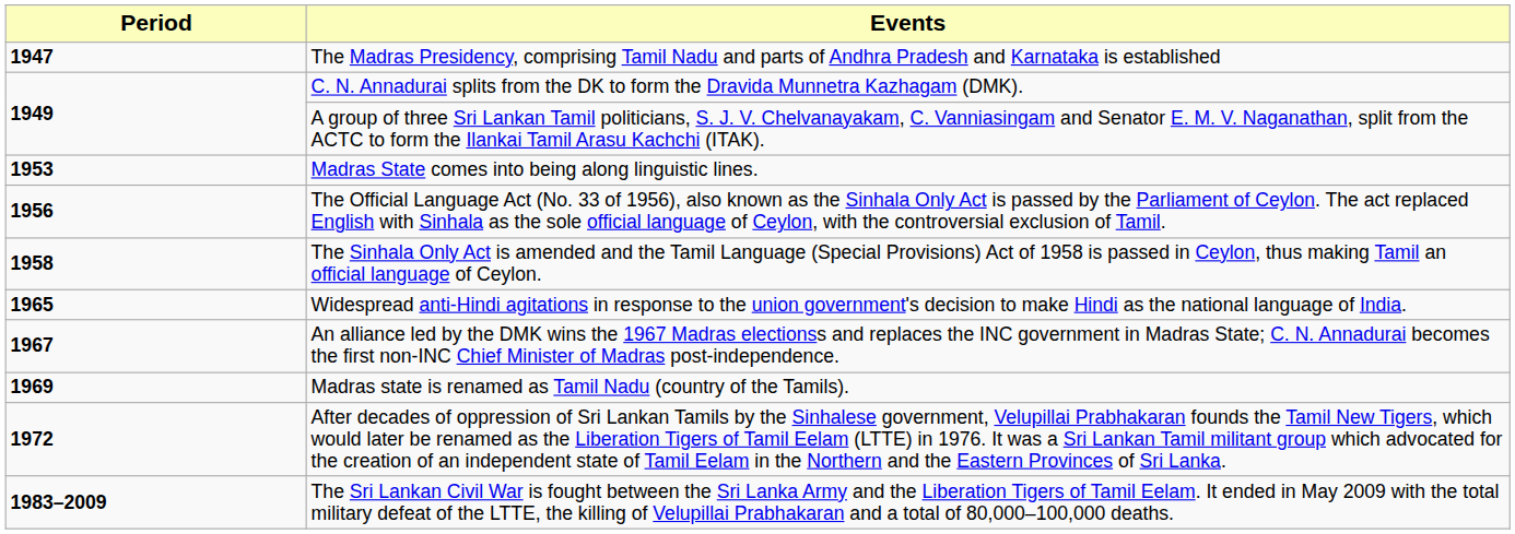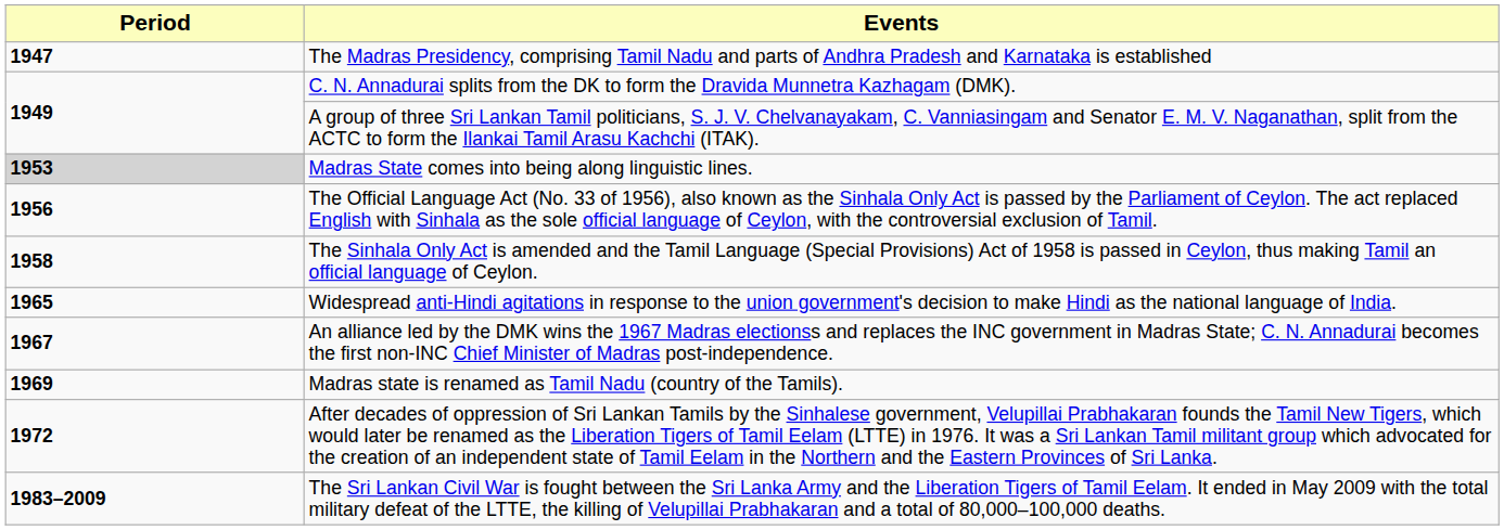 <table class="wikitable" style="text-align:left; margin: auto; width:99%">
 <tr>
 <th scope="row" style="width: 20%; text-align:center; font-size:120%; background:#fcfebe; color:#000000;">Period</th>
 <th scope="row" style="text-align:center; font-size:120%; background:#fcfebe; color:#000000;">Events</th>
 </tr>
 <tr>
 <td><strong>1947</strong></td>
 <td>The <a href='#'>Madras Presidency</a>, comprising <a href='#'>Tamil Nadu</a> and parts of <a href='#'>Andhra Pradesh</a> and <a href='#'>Karnataka</a> is established</td>
 </tr>
 <tr>
 <td rowspan="2"><strong>1949</strong></td>
 <td><a href='#'>C. N. Annadurai</a> splits from the DK to form the <a href='#'>Dravida Munnetra Kazhagam</a> (DMK).</td>
 </tr>
 <tr>
 <td>A group of three <a href='#'>Sri Lankan Tamil</a> politicians, <a href='#'>S. J. V. Chelvanayakam</a>, <a href='#'>C. Vanniasingam</a> and Senator <a href='#'>E. M. V. Naganathan</a>, split from the ACTC to form the <a href='#'>Ilankai Tamil Arasu Kachchi</a> (ITAK).</td>
 </tr>
 <tr>
-<td><strong>1953</strong></td>
+<td style="background: lightgrey;"><strong>1953</strong></td>
 <td><a href='#'>Madras State</a> comes into being along linguistic lines.</td>
 </tr>
 <tr>
 <td><strong>1956</strong></td>
 <td>The Official Language Act (No. 33 of 1956), also known as the <a href='#'>Sinhala Only Act</a> is passed by the <a href='#'>Parliament of Ceylon</a>. The act replaced <a href='#'>English</a> with <a href='#'>Sinhala</a> as the sole <a href='#'>official language</a> of <a href='#'>Ceylon</a>, with the controversial exclusion of <a href='#'>Tamil</a>.</td>
 </tr>
 <tr>
 <td><strong>1958</strong></td>
 <td>The <a href='#'>Sinhala Only Act</a> is amended and the Tamil Language (Special Provisions) Act of 1958 is passed in <a href='#'>Ceylon</a>, thus making <a href='#'>Tamil</a> an <a href='#'>official language</a> of Ceylon.</td>
 </tr>
 <tr>
 <td><strong>1965</strong></td>
 <td>Widespread <a href='#'>anti-Hindi agitations</a> in response to the <a href='#'>union government</a>'s decision to make <a href='#'>Hindi</a> as the national language of <a href='#'>India</a>.</td>
 </tr>
 <tr>
 <td><strong>1967</strong></td>
 <td>An alliance led by the DMK wins the <a href='#'>1967 Madras elections</a>s and replaces the INC government in Madras State; <a href='#'>C. N. Annadurai</a> becomes the first non-INC <a href='#'>Chief Minister of Madras</a> post-independence.</td>
 </tr>
 <tr>
 <td><strong>1969</strong></td>
 <td>Madras state is renamed as <a href='#'>Tamil Nadu</a> (country of the Tamils).</td>
 </tr>
 <tr>
 <td><strong>1972</strong></td>
 <td>After decades of oppression of Sri Lankan Tamils by the <a href='#'>Sinhalese</a> government, <a href='#'>Velupillai Prabhakaran</a> founds the <a href='#'>Tamil New Tigers</a>, which would later be renamed as the <a href='#'>Liberation Tigers of Tamil Eelam</a> (LTTE) in 1976. It was a <a href='#'>Sri Lankan Tamil militant group</a> which advocated for the creation of an independent state of <a href='#'>Tamil Eelam</a> in the <a href='#'>Northern</a> and the <a href='#'>Eastern Provinces</a> of <a href='#'>Sri Lanka</a>.</td>
 </tr>
 <tr>
 <td><strong>1983–2009</strong></td>
 <td>The <a href='#'>Sri Lankan Civil War</a> is fought between the <a href='#'>Sri Lanka Army</a> and the <a href='#'>Liberation Tigers of Tamil Eelam</a>. It ended in May 2009 with the total military defeat of the LTTE, the killing of <a href='#'>Velupillai Prabhakaran</a> and a total of 80,000–100,000 deaths.</td>
 </tr>
 </table>
